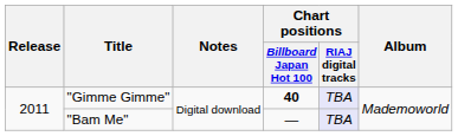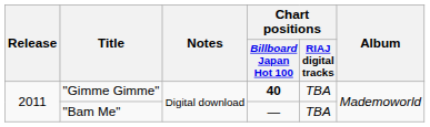 <table class="wikitable" style="text-align:center">
 <tr bgcolor="#CCCCCC">
 <th rowspan="2">Release</th>
 <th rowspan="2">Title</th>
 <th rowspan="2">Notes</th>
 <th colspan="2">Chart positions</th>
 <th rowspan="2">Album</th>
 </tr>
 <tr style="font-size:smaller;">
 <th width="35"><em><a href='#'>Billboard</a></em> <a href='#'>Japan Hot 100</a><br></th>
 <th width="35"><a href='#'>RIAJ</a> digital tracks<br></th>
 </tr>
 <tr>
 <td rowspan="2">2011</td>
 <td align="left">"Gimme Gimme"</td>
 <td align="left" rowspan="2"><small>Digital download</small></td>
 <td><strong>40</strong></td>
-<td style="background: lavender;"><em>TBA</em></td>
+<td><em>TBA</em></td>
 <td align="left" rowspan="2"><em>Mademoworld</em></td>
 </tr>
 <tr>
 <td align="left">"Bam Me"</td>
 <td>—</td>
-<td style="background: lavender;"><em>TBA</em></td>
+<td><em>TBA</em></td>
 </tr>
 </table>
